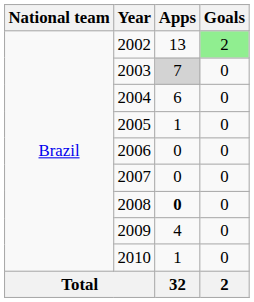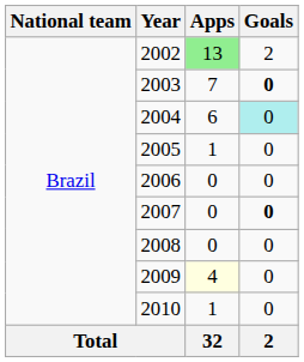 <table class="wikitable" style="text-align:center">
 <tr>
 <th>National team</th>
 <th>Year</th>
 <th>Apps</th>
 <th>Goals</th>
 </tr>
 <tr>
 <td rowspan="9"><a href='#'>Brazil</a></td>
 <td>2002</td>
-<td>13</td>
-<td style="background: lightgreen;">2</td>
+<td style="background: lightgreen;">13</td>
+<td>2</td>
 </tr>
 <tr>
 <td>2003</td>
-<td style="background: lightgrey;">7</td>
-<td>0</td>
+<td>7</td>
+<td><strong>0</strong></td>
 </tr>
 <tr>
 <td>2004</td>
 <td>6</td>
-<td>0</td>
+<td style="background: paleturquoise;">0</td>
 </tr>
 <tr>
 <td>2005</td>
 <td>1</td>
 <td>0</td>
 </tr>
 <tr>
 <td>2006</td>
 <td>0</td>
 <td>0</td>
 </tr>
 <tr>
 <td>2007</td>
 <td>0</td>
-<td>0</td>
+<td><strong>0</strong></td>
 </tr>
 <tr>
 <td>2008</td>
-<td><strong>0</strong></td>
+<td>0</td>
 <td>0</td>
 </tr>
 <tr>
 <td>2009</td>
-<td>4</td>
+<td style="background: lightyellow;">4</td>
 <td>0</td>
 </tr>
 <tr>
 <td>2010</td>
 <td>1</td>
 <td>0</td>
 </tr>
 <tr>
 <th colspan="2">Total</th>
 <th>32</th>
 <th>2</th>
 </tr>
 </table>
